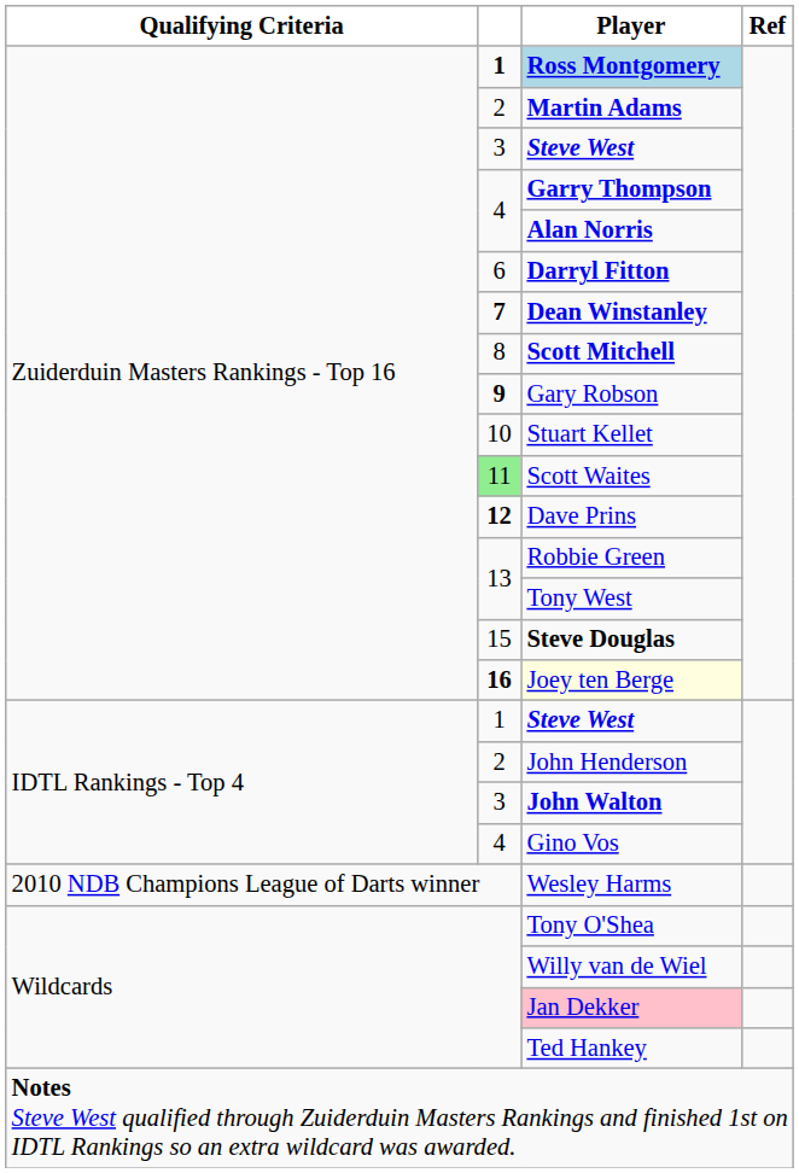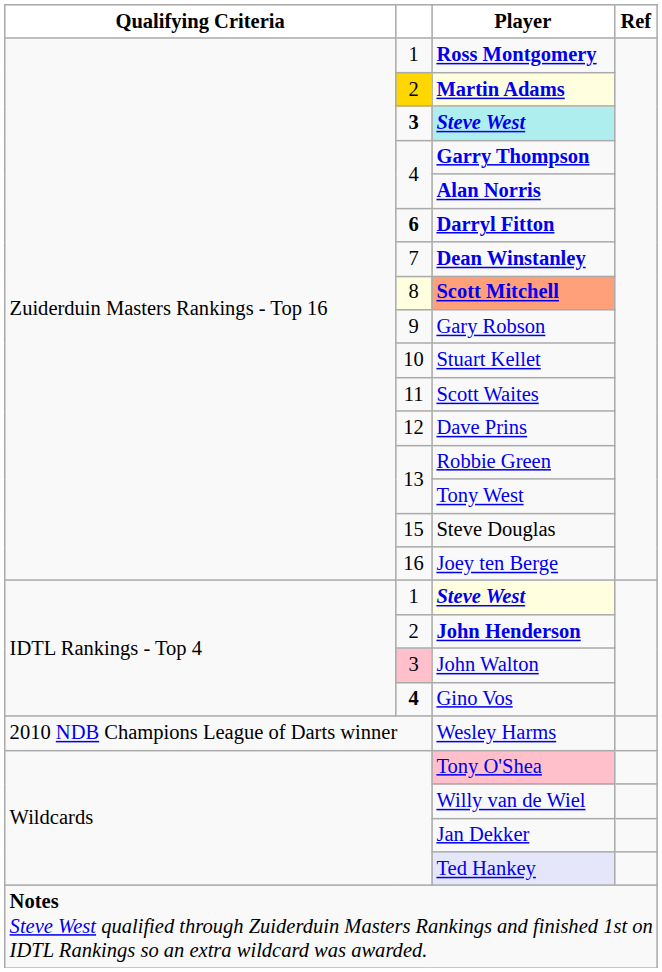 <table class="wikitable sortable collapsible" style="font-size:85%;">
 <tr>
 <th style="background:#ffffff; color:#000000;">Qualifying Criteria</th>
 <th style="background:#ffffff; color:#000000;"></th>
 <th style="background:#ffffff; color:#000000;">Player</th>
 <th style="background:#ffffff; color:#000000;">Ref</th>
 </tr>
 <tr>
 <td rowspan=16>Zuiderduin Masters Rankings - Top 16</td>
-<td style="text-align: center;"><strong>1</strong></td>
-<td style="background: lightblue;"> <strong><a href='#'>Ross Montgomery</a></strong></td>
+<td style="text-align: center;">1</td>
+<td> <strong><a href='#'>Ross Montgomery</a></strong></td>
 <td rowspan=16></td>
 </tr>
 <tr>
-<td style="text-align: center;">2</td>
-<td> <strong><a href='#'>Martin Adams</a></strong></td>
+<td style="background: gold; text-align: center;">2</td>
+<td style="background: lightyellow;"> <strong><a href='#'>Martin Adams</a></strong></td>
 </tr>
 <tr>
-<td style="text-align: center;">3</td>
-<td> <strong><em><a href='#'>Steve West</a></em></strong></td>
+<td style="text-align: center;"><strong>3</strong></td>
+<td style="background: paleturquoise;"> <strong><em><a href='#'>Steve West</a></em></strong></td>
 </tr>
 <tr>
 <td rowspan=2 style="text-align: center;">4</td>
 <td> <strong><a href='#'>Garry Thompson</a></strong></td>
 </tr>
 <tr>
 <td> <strong><a href='#'>Alan Norris</a></strong></td>
 </tr>
 <tr>
-<td style="text-align: center;">6</td>
+<td style="text-align: center;"><strong>6</strong></td>
 <td> <strong><a href='#'>Darryl Fitton</a></strong></td>
 </tr>
 <tr>
-<td style="text-align: center;"><strong>7</strong></td>
+<td style="text-align: center;">7</td>
 <td> <strong><a href='#'>Dean Winstanley</a></strong></td>
 </tr>
 <tr>
-<td style="text-align: center;">8</td>
-<td> <strong><a href='#'>Scott Mitchell</a></strong></td>
+<td style="background: lightyellow; text-align: center;">8</td>
+<td style="background: lightsalmon;"> <strong><a href='#'>Scott Mitchell</a></strong></td>
 </tr>
 <tr>
-<td style="text-align: center;"><strong>9</strong></td>
+<td style="text-align: center;">9</td>
 <td> <a href='#'>Gary Robson</a></td>
 </tr>
 <tr>
 <td style="text-align: center;">10</td>
 <td> <a href='#'>Stuart Kellet</a></td>
 </tr>
 <tr>
-<td style="background: lightgreen; text-align: center;">11</td>
+<td style="text-align: center;">11</td>
 <td> <a href='#'>Scott Waites</a></td>
 </tr>
 <tr>
-<td style="text-align: center;"><strong>12</strong></td>
+<td style="text-align: center;">12</td>
 <td> <a href='#'>Dave Prins</a></td>
 </tr>
 <tr>
 <td rowspan=2 style="text-align: center;">13</td>
 <td> <a href='#'>Robbie Green</a></td>
 </tr>
 <tr>
 <td> <a href='#'>Tony West</a></td>
 </tr>
 <tr>
 <td style="text-align: center;">15</td>
-<td><strong> Steve Douglas</strong></td>
+<td> Steve Douglas</td>
 </tr>
 <tr>
-<td style="text-align: center;"><strong>16</strong></td>
-<td style="background: lightyellow;"> <a href='#'>Joey ten Berge</a></td>
+<td style="text-align: center;">16</td>
+<td> <a href='#'>Joey ten Berge</a></td>
 </tr>
 <tr>
 <td rowspan=4>IDTL Rankings - Top 4</td>
 <td style="text-align: center;">1</td>
-<td> <strong><em><a href='#'>Steve West</a></em></strong></td>
+<td style="background: lightyellow;"> <strong><em><a href='#'>Steve West</a></em></strong></td>
 <td rowspan=4></td>
 </tr>
 <tr>
 <td style="text-align: center;">2</td>
-<td> <a href='#'>John Henderson</a></td>
+<td><strong> <a href='#'>John Henderson</a></strong></td>
 </tr>
 <tr>
-<td style="text-align: center;">3</td>
-<td><strong> <a href='#'>John Walton</a></strong></td>
+<td style="background: pink; text-align: center;">3</td>
+<td> <a href='#'>John Walton</a></td>
 </tr>
 <tr>
-<td style="text-align: center;">4</td>
+<td style="text-align: center;"><strong>4</strong></td>
 <td> <a href='#'>Gino Vos</a></td>
 </tr>
 <tr>
 <td colspan=2>2010 <a href='#'>NDB</a> Champions League of Darts winner</td>
 <td> <a href='#'>Wesley Harms</a></td>
 <td></td>
 </tr>
 <tr>
 <td rowspan=4 colspan=2>Wildcards</td>
-<td> <a href='#'>Tony O'Shea</a></td>
+<td style="background: pink;"> <a href='#'>Tony O'Shea</a></td>
 <td></td>
 </tr>
 <tr>
 <td> <a href='#'>Willy van de Wiel</a></td>
 <td></td>
 </tr>
 <tr>
-<td style="background: pink;"> <a href='#'>Jan Dekker</a></td>
+<td> <a href='#'>Jan Dekker</a></td>
 <td></td>
 </tr>
 <tr>
-<td> <a href='#'>Ted Hankey</a></td>
+<td style="background: lavender;"> <a href='#'>Ted Hankey</a></td>
 <td></td>
 </tr>
 <tr>
 <td colspan=4><strong>Notes</strong><br><em><a href='#'>Steve West</a> qualified through Zuiderduin Masters Rankings and finished 1st on<br>IDTL Rankings so an extra wildcard was awarded.</em></td>
 </tr>
 </table>
